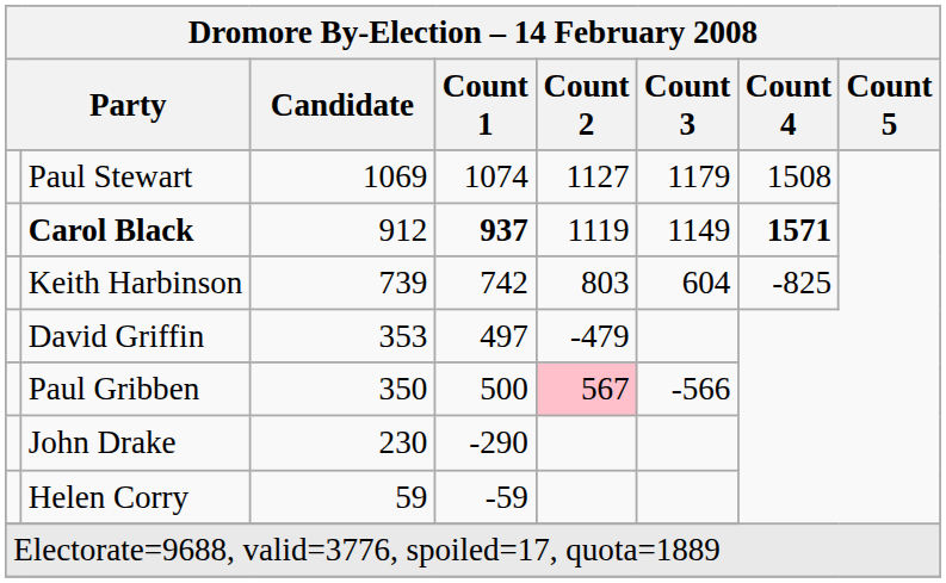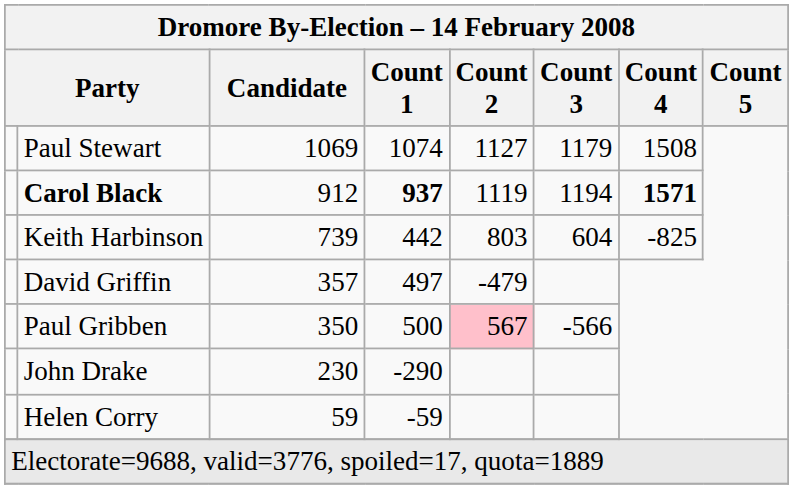 <table class="wikitable" style="font-size: 95%;">
 <tr>
 <th colspan="11">Dromore By-Election – 14 February 2008</th>
 </tr>
 <tr>
 <th colspan="2" style="width: 80px">Party</th>
 <th style="width: 80px">Candidate</th>
 <th style="width: 40px">Count 1</th>
 <th style="width: 40px">Count 2</th>
 <th style="width: 40px">Count 3</th>
 <th style="width: 40px">Count 4</th>
 <th style="width: 40px">Count 5</th>
 </tr>
 <tr>
 <td></td>
 <td>Paul Stewart</td>
 <td align="right">1069</td>
 <td align="right">1074</td>
 <td align="right">1127</td>
 <td align="right">1179</td>
 <td align="right">1508</td>
 </tr>
 <tr>
 <td></td>
 <td><strong>Carol Black</strong></td>
 <td align="right">912</td>
 <td align="right"><strong>937</strong></td>
 <td align="right">1119</td>
-<td align="right">1149</td>
+<td align="right">1194</td>
 <td align="right"><strong>1571</strong></td>
 </tr>
 <tr>
 <td></td>
 <td>Keith Harbinson</td>
 <td align="right">739</td>
-<td align="right">742</td>
+<td align="right">442</td>
 <td align="right">803</td>
 <td align="right">604</td>
 <td align="right">-825</td>
 </tr>
 <tr>
 <td></td>
 <td>David Griffin</td>
-<td align="right">353</td>
+<td align="right">357</td>
 <td align="right">497</td>
 <td align="right">-479</td>
 <td align="right"></td>
 </tr>
 <tr>
 <td></td>
 <td>Paul Gribben</td>
 <td align="right">350</td>
 <td align="right">500</td>
 <td align="right" style="background: pink;">567</td>
 <td align="right">-566</td>
 </tr>
 <tr>
 <td></td>
 <td>John Drake</td>
 <td align="right">230</td>
 <td align="right">-290</td>
 <td align="right"></td>
 <td align="right"></td>
 </tr>
 <tr>
 <td></td>
 <td>Helen Corry</td>
 <td align="right">59</td>
 <td align="right">-59</td>
 <td align="right"></td>
 <td align="right"></td>
 </tr>
 <tr>
 </tr>
 <tr style="background-color:#E9E9E9">
 <td colspan="11">Electorate=9688, valid=3776, spoiled=17, quota=1889</td>
 </tr>
 <tr>
 </tr>
 </table>
